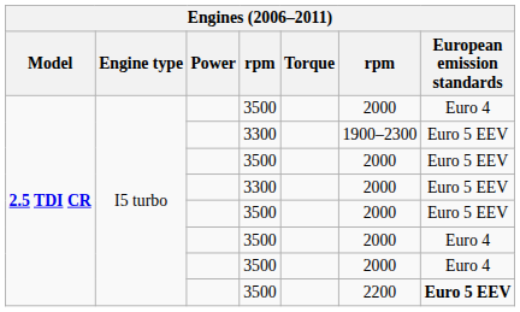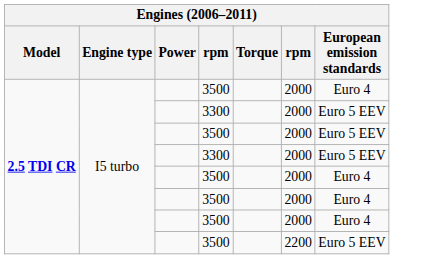 <table class="wikitable" style="text-align:center;" cellpadding="0">
 <tr>
 <th colspan="7">Engines (2006–2011)</th>
 </tr>
 <tr>
 <th>Model</th>
 <th>Engine type</th>
 <th>Power</th>
 <th>rpm</th>
 <th>Torque</th>
 <th>rpm</th>
 <th>European<br>emission<br>standards</th>
 </tr>
 <tr>
 <td rowspan="9"><strong><a href='#'>2.5</a> <a href='#'>TDI</a> <a href='#'>CR</a></strong></td>
 <td rowspan="9"> I5 turbo</td>
 <td></td>
 <td>3500</td>
 <td></td>
 <td>2000</td>
 <td>Euro 4</td>
 </tr>
 <tr>
 <td></td>
 <td>3300</td>
 <td></td>
-<td>1900–2300</td>
+<td>2000</td>
 <td>Euro 5 EEV</td>
 </tr>
 <tr>
 <td></td>
 <td>3500</td>
 <td></td>
 <td>2000</td>
 <td>Euro 5 EEV</td>
 </tr>
 <tr>
 <td></td>
 <td>3300</td>
-<td></td>
-<td>2000</td>
-<td>Euro 5 EEV</td>
-</tr>
-<tr>
-<td></td>
-<td>3500</td>
 <td></td>
 <td>2000</td>
 <td>Euro 5 EEV</td>
 </tr>
 <tr>
 <td></td>
 <td>3500</td>
 <td></td>
 <td>2000</td>
 <td>Euro 4</td>
 </tr>
 <tr>
 <td></td>
 <td>3500</td>
 <td></td>
 <td>2000</td>
 <td>Euro 4</td>
 </tr>
 <tr>
 <td></td>
 <td>3500</td>
 <td></td>
+<td>2000</td>
+<td>Euro 4</td>
+</tr>
+<tr>
+<td></td>
+<td>3500</td>
+<td></td>
 <td>2200</td>
-<td><strong>Euro 5 EEV</strong></td>
+<td>Euro 5 EEV</td>
 </tr>
 </table>
